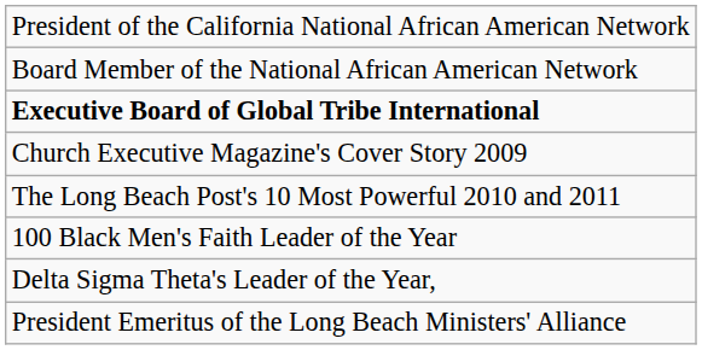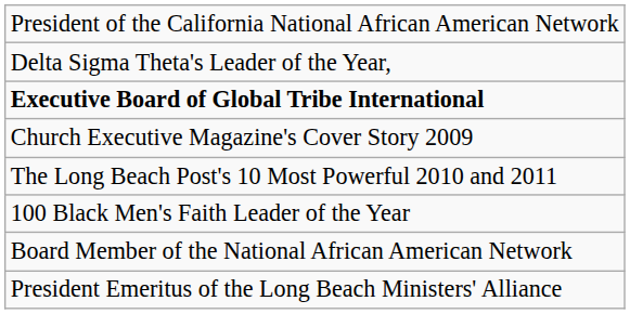 <table class="wikitable">
 <tr>
 <td>President of the California National African American Network</td>
 </tr>
 <tr>
-<td>Board Member of the National African American Network</td>
+<td>Delta Sigma Theta's Leader of the Year,</td>
 </tr>
 <tr>
 <td><strong>Executive Board of Global Tribe International</strong></td>
 </tr>
 <tr>
 <td>Church Executive Magazine's Cover Story 2009</td>
 </tr>
 <tr>
 <td>The Long Beach Post's 10 Most Powerful 2010 and 2011</td>
 </tr>
 <tr>
 <td>100 Black Men's Faith Leader of the Year</td>
 </tr>
 <tr>
-<td>Delta Sigma Theta's Leader of the Year,</td>
+<td>Board Member of the National African American Network</td>
 </tr>
 <tr>
 <td>President Emeritus of the Long Beach Ministers' Alliance</td>
 </tr>
 </table>
